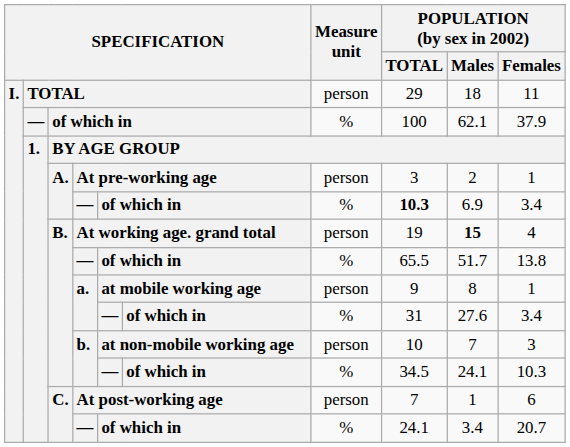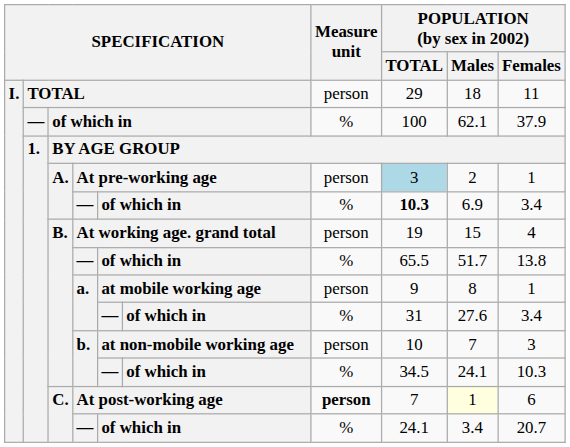 <table class="wikitable" style="font-size:85%; text-align:center">
 <tr>
 <th rowspan="2" colspan="6">SPECIFICATION</th>
 <th rowspan="2">Measure<br> unit</th>
 <th colspan="3" rowspan="1">POPULATION<br> (by sex in 2002)</th>
 </tr>
 <tr>
 <th>TOTAL</th>
 <th>Males</th>
 <th>Females</th>
 </tr>
 <tr>
 <th style="text-align:left" valign="top" rowspan="13">I.</th>
 <th style="text-align:left" colspan="5">TOTAL</th>
 <td>person</td>
 <td>29</td>
 <td>18</td>
 <td>11</td>
 </tr>
 <tr>
 <th style="text-align:left" valign="top">—</th>
 <th style="text-align:left" colspan="4">of which in</th>
 <td>%</td>
 <td>100</td>
 <td>62.1</td>
 <td>37.9</td>
 </tr>
 <tr>
 <th style="text-align:left" valign="top" rowspan="11">1.</th>
 <th style="text-align:left" colspan="19">BY AGE GROUP</th>
 </tr>
 <tr>
 <th style="text-align:left" valign="top" rowspan="2">A.</th>
 <th style="text-align:left" colspan="3">At pre-working age</th>
 <td>person</td>
-<td>3</td>
+<td style="background: lightblue;">3</td>
 <td>2</td>
 <td>1</td>
 </tr>
 <tr>
 <th style="text-align:left" valign="top">—</th>
 <th style="text-align:left" valign="top" colspan="2">of which in</th>
 <td>%</td>
 <td><strong>10.3</strong></td>
 <td>6.9</td>
 <td>3.4</td>
 </tr>
 <tr>
 <th style="text-align:left" valign="top" rowspan="6">B.</th>
 <th style="text-align:left" colspan="3">At working age. grand total</th>
 <td>person</td>
 <td>19</td>
-<td><strong>15</strong></td>
+<td>15</td>
 <td>4</td>
 </tr>
 <tr>
 <th style="text-align:left" valign="top">—</th>
 <th style="text-align:left" valign="top" colspan="2">of which in</th>
 <td>%</td>
 <td>65.5</td>
 <td>51.7</td>
 <td>13.8</td>
 </tr>
 <tr>
 <th style="text-align:left" valign="top" rowspan="2">a.</th>
 <th style="text-align:left" colspan="2">at mobile working age</th>
 <td>person</td>
 <td>9</td>
 <td>8</td>
 <td>1</td>
 </tr>
 <tr>
 <th style="text-align:left" valign="top">—</th>
 <th style="text-align:left" valign="top" colspan="1">of which in                        </th>
 <td>%</td>
 <td>31</td>
 <td>27.6</td>
 <td>3.4</td>
 </tr>
 <tr>
 <th style="text-align:left" valign="top" rowspan="2">b.</th>
 <th style="text-align:left" colspan="2">at non-mobile working age</th>
 <td>person</td>
 <td>10</td>
 <td>7</td>
 <td>3</td>
 </tr>
 <tr>
 <th style="text-align:left" valign="top">—</th>
 <th style="text-align:left" valign="top" colspan="1">of which in                        </th>
 <td>%</td>
 <td>34.5</td>
 <td>24.1</td>
 <td>10.3</td>
 </tr>
 <tr>
 <th style="text-align:left" valign="top" rowspan="2">C.</th>
 <th style="text-align:left" colspan="3">At post-working age</th>
-<td>person</td>
+<td><strong>person</strong></td>
 <td>7</td>
-<td>1</td>
+<td style="background: lightyellow;">1</td>
 <td>6</td>
 </tr>
 <tr>
 <th style="text-align:left" valign="top">—</th>
 <th style="text-align:left" valign="top" colspan="2">of which in</th>
 <td>%</td>
 <td>24.1</td>
 <td>3.4</td>
 <td>20.7</td>
 </tr>
 </table>
